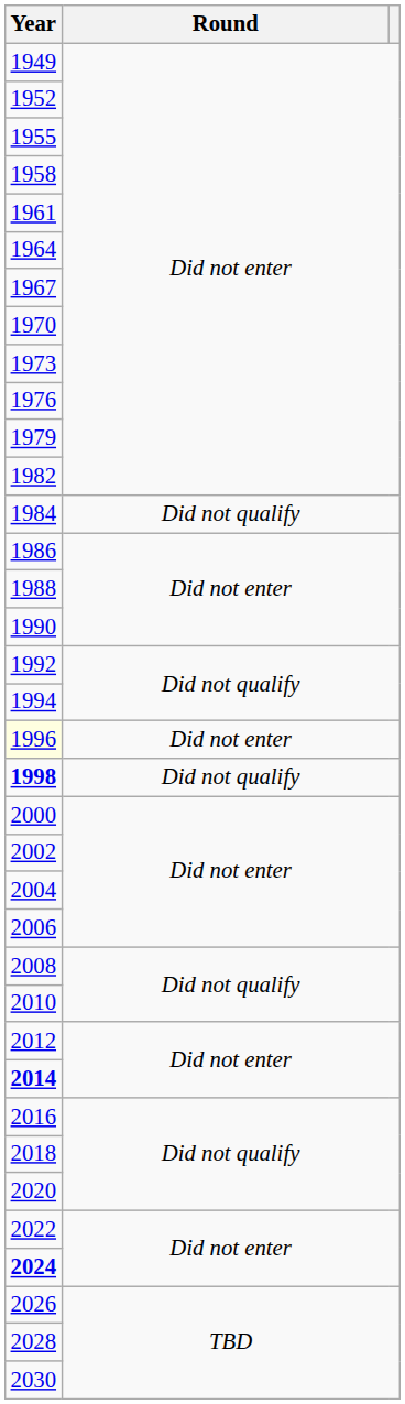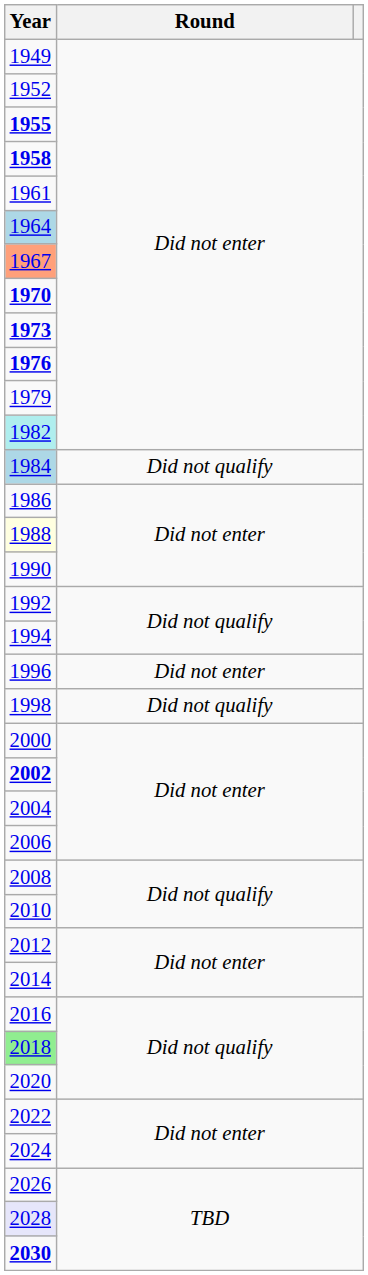 <table class="wikitable" style="text-align: center; font-size:90%">
 <tr>
 <th>Year</th>
 <th style="width:200px">Round</th>
 <th></th>
 </tr>
 <tr>
 <td><a href='#'>1949</a></td>
 <td colspan="2" rowspan="12"><em>Did not enter</em></td>
 </tr>
 <tr>
 <td><a href='#'>1952</a></td>
 </tr>
 <tr>
-<td><a href='#'>1955</a></td>
+<td><strong><a href='#'>1955</a></strong></td>
 </tr>
 <tr>
-<td><a href='#'>1958</a></td>
+<td><strong><a href='#'>1958</a></strong></td>
 </tr>
 <tr>
 <td><a href='#'>1961</a></td>
 </tr>
 <tr>
-<td><a href='#'>1964</a></td>
+<td style="background: lightblue;"><a href='#'>1964</a></td>
 </tr>
 <tr>
-<td><a href='#'>1967</a></td>
+<td style="background: lightsalmon;"><a href='#'>1967</a></td>
 </tr>
 <tr>
-<td><a href='#'>1970</a></td>
+<td><strong><a href='#'>1970</a></strong></td>
 </tr>
 <tr>
-<td><a href='#'>1973</a></td>
+<td><strong><a href='#'>1973</a></strong></td>
 </tr>
 <tr>
-<td><a href='#'>1976</a></td>
+<td><strong><a href='#'>1976</a></strong></td>
 </tr>
 <tr>
 <td><a href='#'>1979</a></td>
 </tr>
 <tr>
-<td><a href='#'>1982</a></td>
+<td style="background: paleturquoise;"><a href='#'>1982</a></td>
 </tr>
 <tr>
-<td><a href='#'>1984</a></td>
+<td style="background: lightblue;"><a href='#'>1984</a></td>
 <td colspan="2"><em>Did not qualify</em></td>
 </tr>
 <tr>
 <td><a href='#'>1986</a></td>
 <td colspan="2" rowspan="3"><em>Did not enter</em></td>
 </tr>
 <tr>
-<td><a href='#'>1988</a></td>
+<td style="background: lightyellow;"><a href='#'>1988</a></td>
 </tr>
 <tr>
 <td><a href='#'>1990</a></td>
 </tr>
 <tr>
 <td><a href='#'>1992</a></td>
 <td colspan="2" rowspan="2"><em>Did not qualify</em></td>
 </tr>
 <tr>
 <td><a href='#'>1994</a></td>
 </tr>
 <tr>
-<td style="background: lightyellow;"><a href='#'>1996</a></td>
+<td><a href='#'>1996</a></td>
 <td colspan="2"><em>Did not enter</em></td>
 </tr>
 <tr>
-<td><strong><a href='#'>1998</a></strong></td>
+<td><a href='#'>1998</a></td>
 <td colspan="2"><em>Did not qualify</em></td>
 </tr>
 <tr>
 <td><a href='#'>2000</a></td>
 <td colspan="2" rowspan="4"><em>Did not enter</em></td>
 </tr>
 <tr>
-<td><a href='#'>2002</a></td>
+<td><strong><a href='#'>2002</a></strong></td>
 </tr>
 <tr>
 <td><a href='#'>2004</a></td>
 </tr>
 <tr>
 <td><a href='#'>2006</a></td>
 </tr>
 <tr>
 <td><a href='#'>2008</a></td>
 <td colspan="2" rowspan="2"><em>Did not qualify</em></td>
 </tr>
 <tr>
 <td><a href='#'>2010</a></td>
 </tr>
 <tr>
 <td><a href='#'>2012</a></td>
 <td colspan="2" rowspan="2"><em>Did not enter</em></td>
 </tr>
 <tr>
-<td><strong><a href='#'>2014</a></strong></td>
+<td><a href='#'>2014</a></td>
 </tr>
 <tr>
 <td><a href='#'>2016</a></td>
 <td colspan="2" rowspan="3"><em>Did not qualify</em></td>
 </tr>
 <tr>
-<td><a href='#'>2018</a></td>
+<td style="background: lightgreen;"><a href='#'>2018</a></td>
 </tr>
 <tr>
 <td><a href='#'>2020</a></td>
 </tr>
 <tr>
 <td><a href='#'>2022</a></td>
 <td colspan="2" rowspan="2"><em>Did not enter</em></td>
 </tr>
 <tr>
-<td><strong><a href='#'>2024</a></strong></td>
+<td><a href='#'>2024</a></td>
 </tr>
 <tr>
 <td><a href='#'>2026</a></td>
 <td colspan="2" rowspan="3"><em>TBD</em></td>
 </tr>
 <tr>
-<td><a href='#'>2028</a></td>
+<td style="background: lavender;"><a href='#'>2028</a></td>
 </tr>
 <tr>
-<td><a href='#'>2030</a></td>
+<td><strong><a href='#'>2030</a></strong></td>
 </tr>
 </table>
